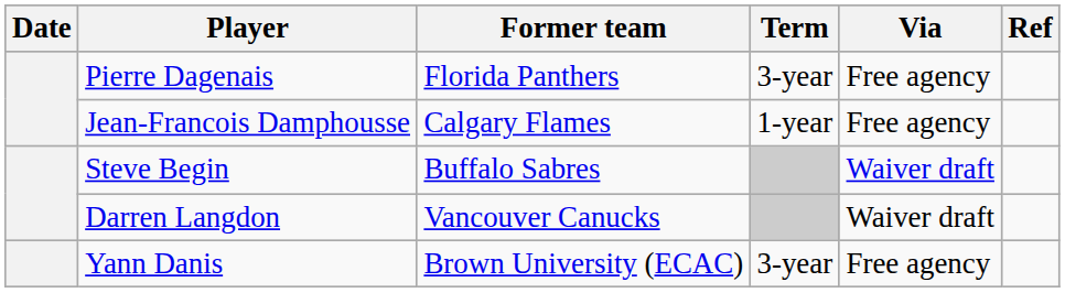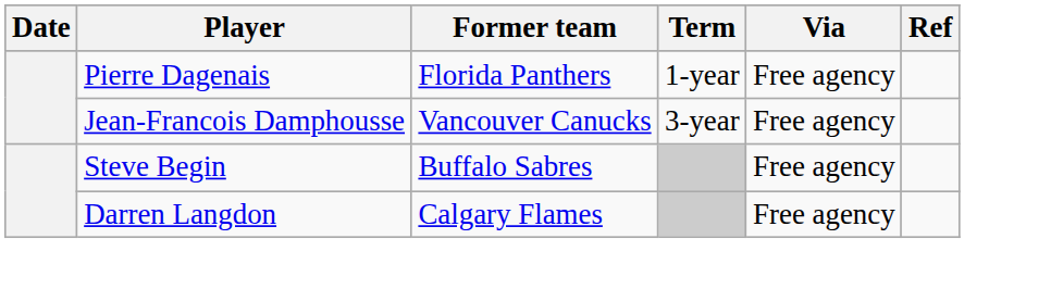 <table class="wikitable plainrowheaders">
 <tr style="background:#ddd; text-align:center;">
 <th>Date</th>
 <th>Player</th>
 <th>Former team</th>
 <th>Term</th>
 <th>Via</th>
 <th>Ref</th>
 </tr>
 <tr>
 <th scope="row" rowspan=2></th>
 <td><a href='#'>Pierre Dagenais</a></td>
 <td><a href='#'>Florida Panthers</a></td>
-<td>3-year</td>
+<td>1-year</td>
 <td>Free agency</td>
 <td></td>
 </tr>
 <tr>
 <td><a href='#'>Jean-Francois Damphousse</a></td>
-<td><a href='#'>Calgary Flames</a></td>
-<td>1-year</td>
+<td><a href='#'>Vancouver Canucks</a></td>
+<td>3-year</td>
 <td>Free agency</td>
 <td></td>
 </tr>
 <tr>
 <th scope="row" rowspan=2></th>
 <td><a href='#'>Steve Begin</a></td>
 <td><a href='#'>Buffalo Sabres</a></td>
 <td style="background:#ccc"></td>
-<td><a href='#'>Waiver draft</a></td>
+<td>Free agency</td>
 <td></td>
 </tr>
 <tr>
 <td><a href='#'>Darren Langdon</a></td>
-<td><a href='#'>Vancouver Canucks</a></td>
+<td><a href='#'>Calgary Flames</a></td>
 <td style="background:#ccc"></td>
-<td>Waiver draft</td>
-<td></td>
-</tr>
-<tr>
-<th scope="row"></th>
-<td><a href='#'>Yann Danis</a></td>
-<td><a href='#'>Brown University</a> (<a href='#'>ECAC</a>)</td>
-<td>3-year</td>
 <td>Free agency</td>
 <td></td>
 </tr>
 </table>
